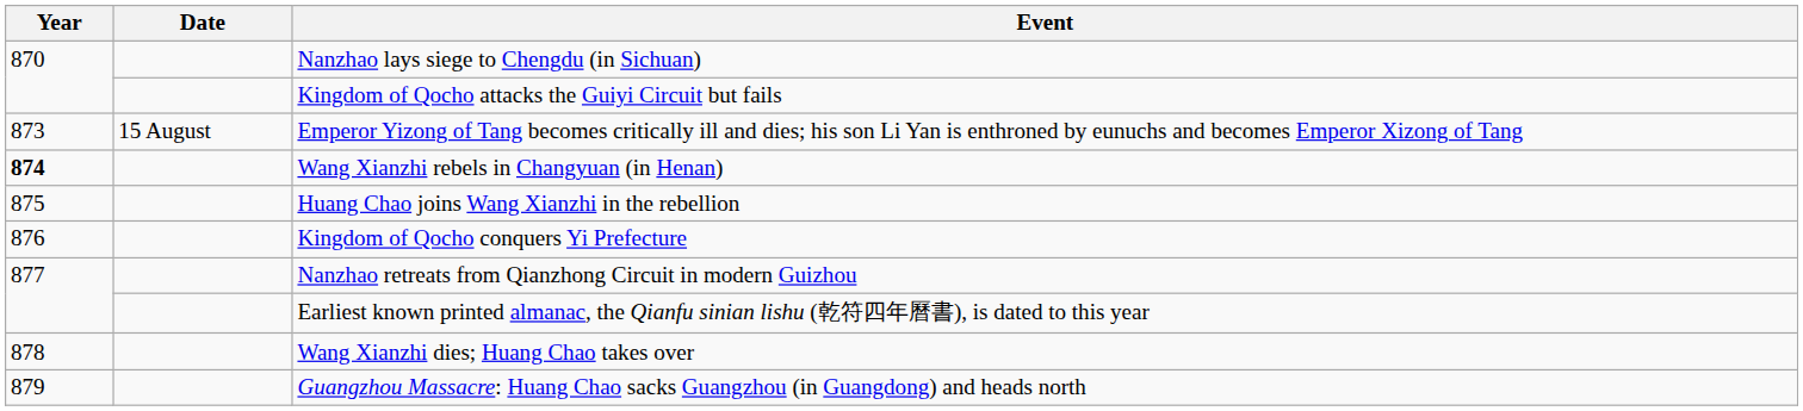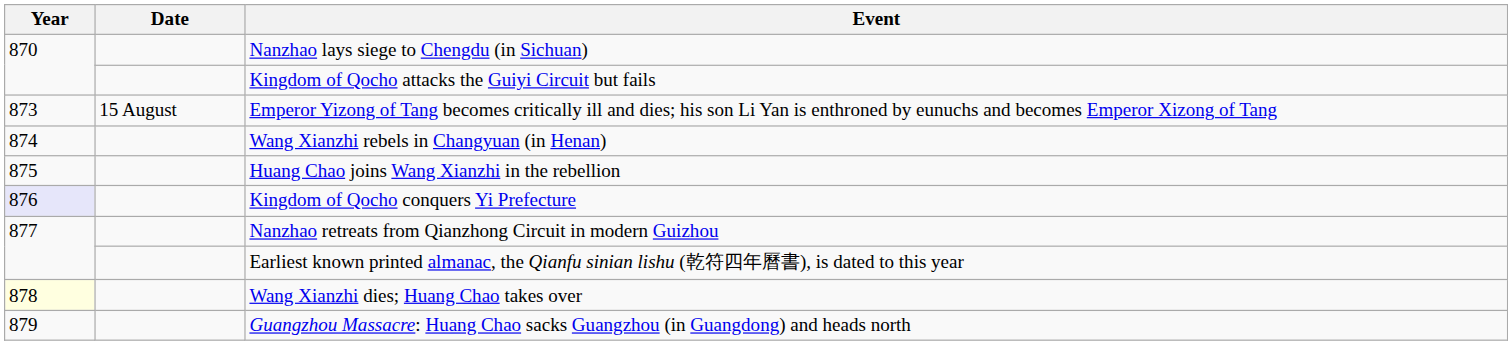 <table class="wikitable" width="100%">
 <tr>
 <th style="width:6%">Year</th>
 <th style="width:10%">Date</th>
 <th>Event</th>
 </tr>
 <tr>
 <td rowspan="2" valign="top">870</td>
 <td></td>
 <td><a href='#'>Nanzhao</a> lays siege to <a href='#'>Chengdu</a> (in <a href='#'>Sichuan</a>)</td>
 </tr>
 <tr>
 <td></td>
 <td><a href='#'>Kingdom of Qocho</a> attacks the <a href='#'>Guiyi Circuit</a> but fails</td>
 </tr>
 <tr>
 <td>873</td>
 <td>15 August</td>
 <td><a href='#'>Emperor Yizong of Tang</a> becomes critically ill and dies; his son Li Yan is enthroned by eunuchs and becomes <a href='#'>Emperor Xizong of Tang</a></td>
 </tr>
 <tr>
-<td><strong>874</strong></td>
+<td>874</td>
 <td></td>
 <td><a href='#'>Wang Xianzhi</a> rebels in <a href='#'>Changyuan</a> (in <a href='#'>Henan</a>)</td>
 </tr>
 <tr>
 <td>875</td>
 <td></td>
 <td><a href='#'>Huang Chao</a> joins <a href='#'>Wang Xianzhi</a> in the rebellion</td>
 </tr>
 <tr>
-<td>876</td>
+<td style="background: lavender;">876</td>
 <td></td>
 <td><a href='#'>Kingdom of Qocho</a> conquers <a href='#'>Yi Prefecture</a></td>
 </tr>
 <tr>
 <td rowspan="2" valign="top">877</td>
 <td></td>
 <td><a href='#'>Nanzhao</a> retreats from Qianzhong Circuit in modern <a href='#'>Guizhou</a></td>
 </tr>
 <tr>
 <td></td>
 <td>Earliest known printed <a href='#'>almanac</a>, the <em>Qianfu sinian lishu</em> (乾符四年曆書), is dated to this year</td>
 </tr>
 <tr>
-<td>878</td>
+<td style="background: lightyellow;">878</td>
 <td></td>
 <td><a href='#'>Wang Xianzhi</a> dies; <a href='#'>Huang Chao</a> takes over</td>
 </tr>
 <tr>
 <td>879</td>
 <td></td>
 <td><em><a href='#'>Guangzhou Massacre</a></em>: <a href='#'>Huang Chao</a> sacks <a href='#'>Guangzhou</a> (in <a href='#'>Guangdong</a>) and heads north</td>
 </tr>
 </table>
